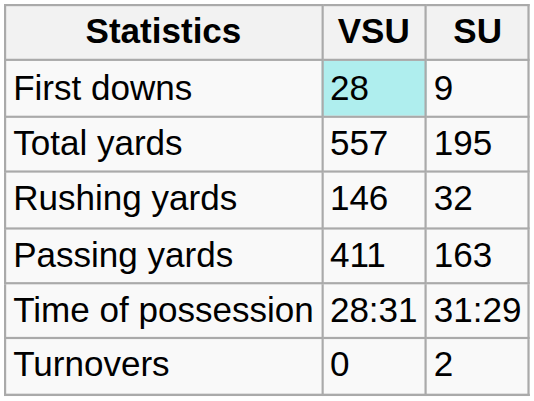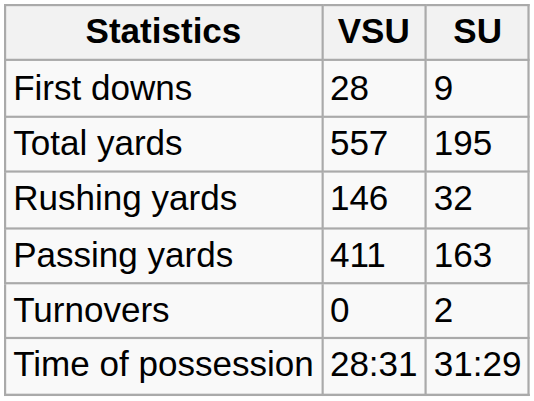 <table class="wikitable">
 <tr>
 <th>Statistics</th>
 <th>VSU</th>
 <th>SU</th>
 </tr>
 <tr>
 <td>First downs</td>
-<td style="background: paleturquoise;">28</td>
+<td>28</td>
 <td>9</td>
 </tr>
 <tr>
 <td>Total yards</td>
 <td>557</td>
 <td>195</td>
 </tr>
 <tr>
 <td>Rushing yards</td>
 <td>146</td>
 <td>32</td>
 </tr>
 <tr>
 <td>Passing yards</td>
 <td>411</td>
 <td>163</td>
 </tr>
 <tr>
+<td>Turnovers</td>
+<td>0</td>
+<td>2</td>
+</tr>
+<tr>
 <td>Time of possession</td>
 <td>28:31</td>
 <td>31:29</td>
 </tr>
 <tr>
-<td>Turnovers</td>
-<td>0</td>
-<td>2</td>
-</tr>
-<tr>
 </tr>
 </table>
